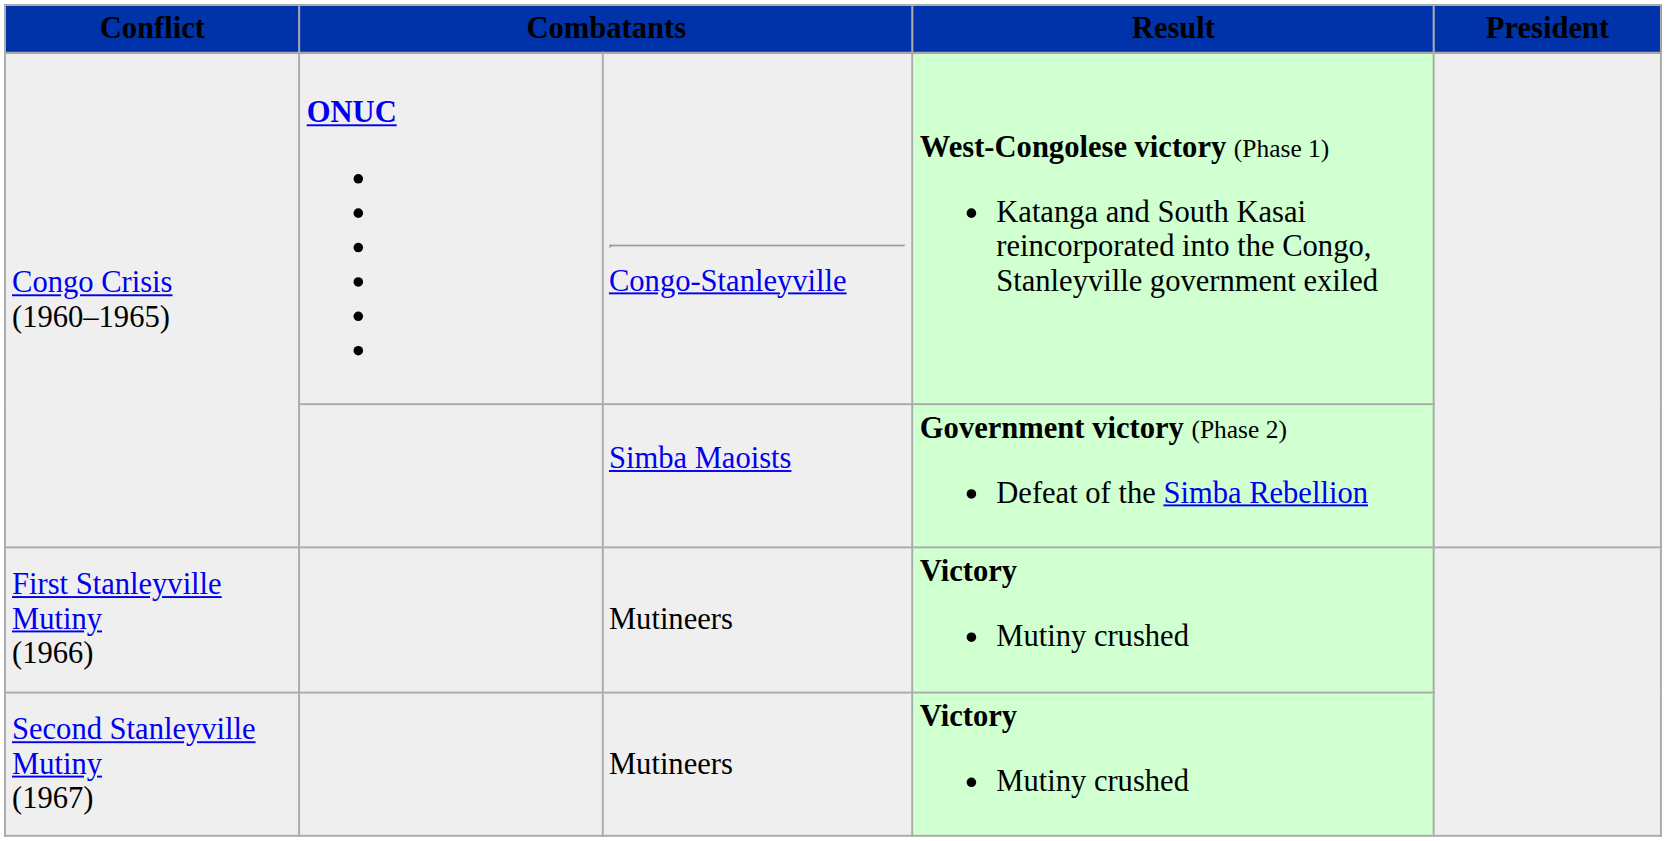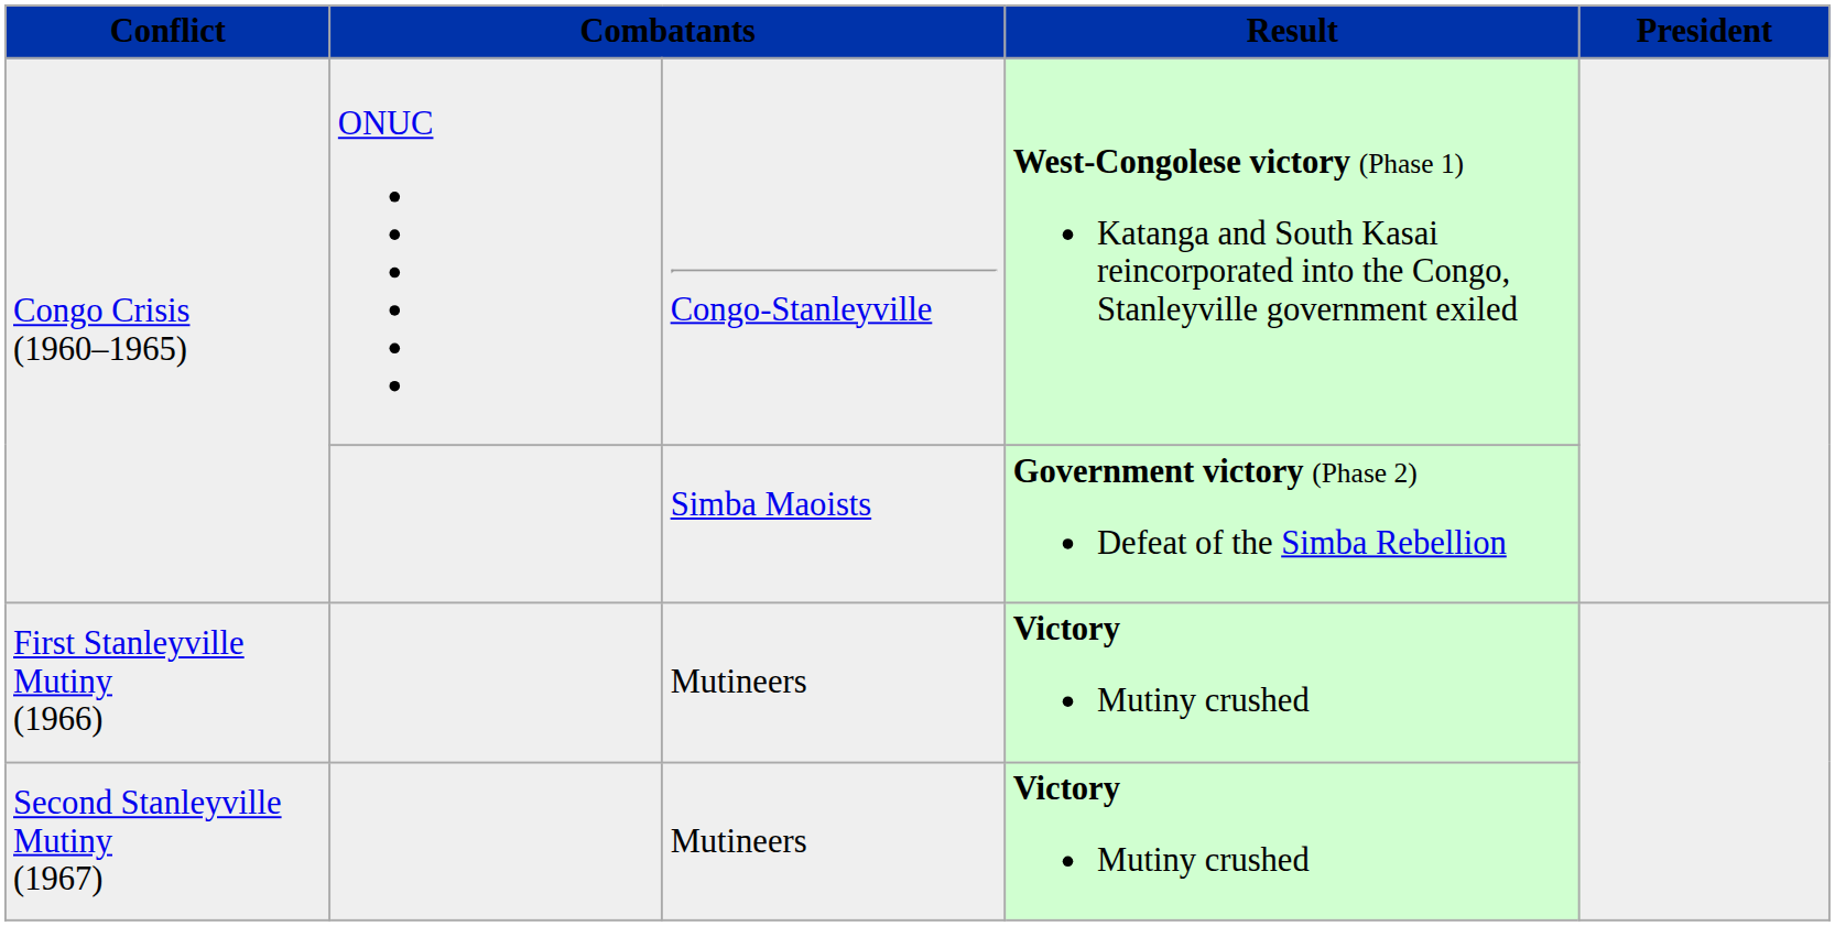 <table class="wikitable">
 <tr>
 <th style="background:#0033AA" width="160"><span>Conflict</span></th>
 <th style="background:#0033AA" width="334" colspan=2><span>Combatants</span></th>
 <th style="background:#0033AA" width="290"><span>Result</span></th>
 <th style="background:#0033AA" width="120"><span>President</span></th>
 </tr>
 <tr>
 <td style="background:#efefef" rowspan=2><a href='#'>Congo Crisis</a><br>(1960–1965)</td>
-<td style="background:#efefef" width=170><strong><br> <a href='#'>ONUC</a><br><ul><li></li><li></li><li></li><li></li><li></li><li></li></ul></strong></td>
+<td style="background:#efefef" width=170><br> <a href='#'>ONUC</a><br><ul><li></li><li></li><li></li><li></li><li></li><li></li></ul></td>
 <td style="background:#efefef" width=170><br><br><hr> <a href='#'>Congo-Stanleyville</a></td>
 <td style="background:#D0FFD0"><strong>West-Congolese victory</strong> <small>(Phase 1)</small><br><ul><li>Katanga and South Kasai reincorporated into the Congo, Stanleyville government exiled</li></ul></td>
 <td style="background:#efefef" rowspan=2></td>
 </tr>
 <tr>
 <td style="background:#efefef" width=170><br><br></td>
 <td style="background:#efefef" width=170> <a href='#'>Simba Maoists</a><br><br></td>
 <td style="background:#D0FFD0"><strong>Government victory</strong> <small>(Phase 2)</small><br><ul><li>Defeat of the <a href='#'>Simba Rebellion</a></li></ul></td>
 </tr>
 <tr>
 <td style="background:#efefef"><a href='#'>First Stanleyville Mutiny</a><br>(1966)</td>
 <td style="background:#efefef"></td>
 <td style="background:#efefef"> Mutineers</td>
 <td style="background:#D0FFD0"><strong>Victory</strong><br><ul><li>Mutiny crushed</li></ul></td>
 <td style="background:#efefef" rowspan=2></td>
 </tr>
 <tr>
 <td style="background:#efefef"><a href='#'>Second Stanleyville Mutiny</a><br>(1967)</td>
 <td style="background:#efefef"></td>
 <td style="background:#efefef"> Mutineers</td>
 <td style="background:#D0FFD0"><strong>Victory</strong><br><ul><li>Mutiny crushed</li></ul></td>
 </tr>
 </table>
